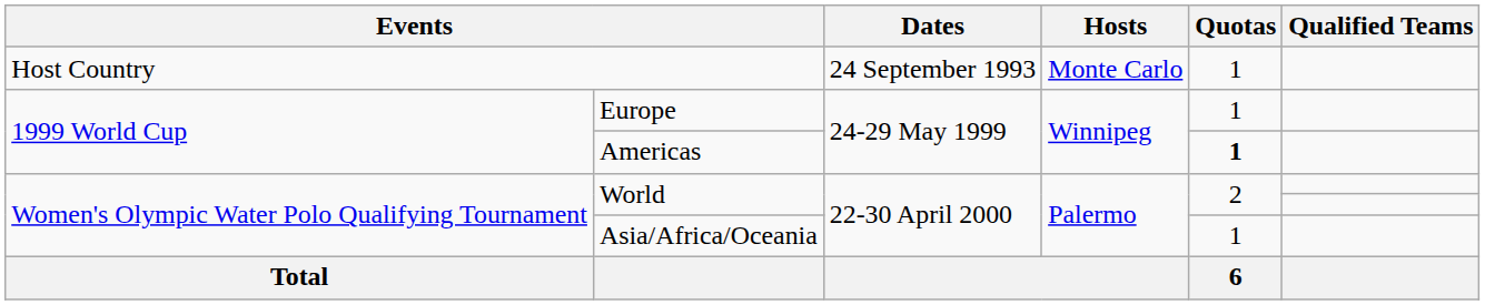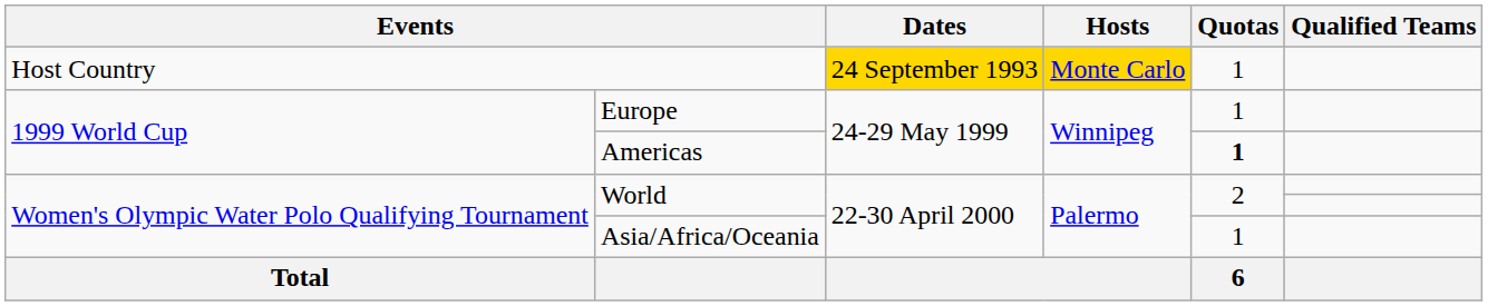 <table class="wikitable">
 <tr>
 <th colspan="2">Events</th>
 <th>Dates</th>
 <th>Hosts</th>
 <th>Quotas</th>
 <th>Qualified Teams</th>
 </tr>
 <tr>
 <td colspan="2">Host Country</td>
-<td>24 September 1993</td>
-<td> <a href='#'>Monte Carlo</a></td>
+<td style="background: gold;">24 September 1993</td>
+<td style="background: gold;"> <a href='#'>Monte Carlo</a></td>
 <td align="center">1</td>
 <td></td>
 </tr>
 <tr>
 <td rowspan="2"><a href='#'>1999 World Cup</a></td>
 <td>Europe</td>
 <td rowspan="2">24-29 May 1999</td>
 <td rowspan="2"> <a href='#'>Winnipeg</a></td>
 <td align="center">1</td>
 <td></td>
 </tr>
 <tr>
 <td>Americas</td>
 <td align="center"><strong>1</strong></td>
 <td></td>
 </tr>
 <tr>
 <td rowspan="3"><a href='#'>Women's Olympic Water Polo Qualifying Tournament</a></td>
 <td rowspan="2">World</td>
 <td rowspan="3">22-30 April 2000</td>
 <td rowspan="3"> <a href='#'>Palermo</a></td>
 <td rowspan="2" align="center">2</td>
 <td></td>
 </tr>
 <tr>
 <td></td>
 </tr>
 <tr>
 <td>Asia/Africa/Oceania</td>
 <td align="center">1</td>
 <td></td>
 </tr>
 <tr>
 <th>Total</th>
 <th></th>
 <th colspan="2"></th>
 <th>6</th>
 <th></th>
 </tr>
 </table>
